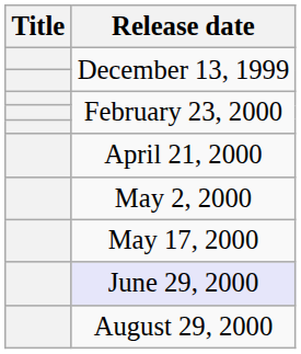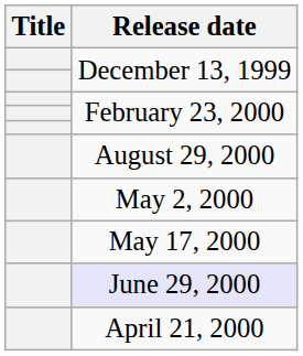 <table class="wikitable sortable" style="text-align:center;">
 <tr>
 <th>Title</th>
 <th>Release date</th>
 </tr>
 <tr>
 <th></th>
 <td rowspan="2">December 13, 1999</td>
 </tr>
 <tr>
 <th></th>
 </tr>
 <tr>
 <th></th>
 <td rowspan="3">February 23, 2000</td>
 </tr>
 <tr>
 <th></th>
 </tr>
 <tr>
 <th></th>
 </tr>
 <tr>
 <th></th>
-<td>April 21, 2000</td>
+<td>August 29, 2000</td>
 </tr>
 <tr>
 <th></th>
 <td>May 2, 2000</td>
 </tr>
 <tr>
 <th></th>
 <td>May 17, 2000</td>
 </tr>
 <tr>
 <th></th>
 <td style="background: lavender;">June 29, 2000</td>
 </tr>
 <tr>
 <th></th>
-<td>August 29, 2000</td>
+<td>April 21, 2000</td>
 </tr>
 </table>
